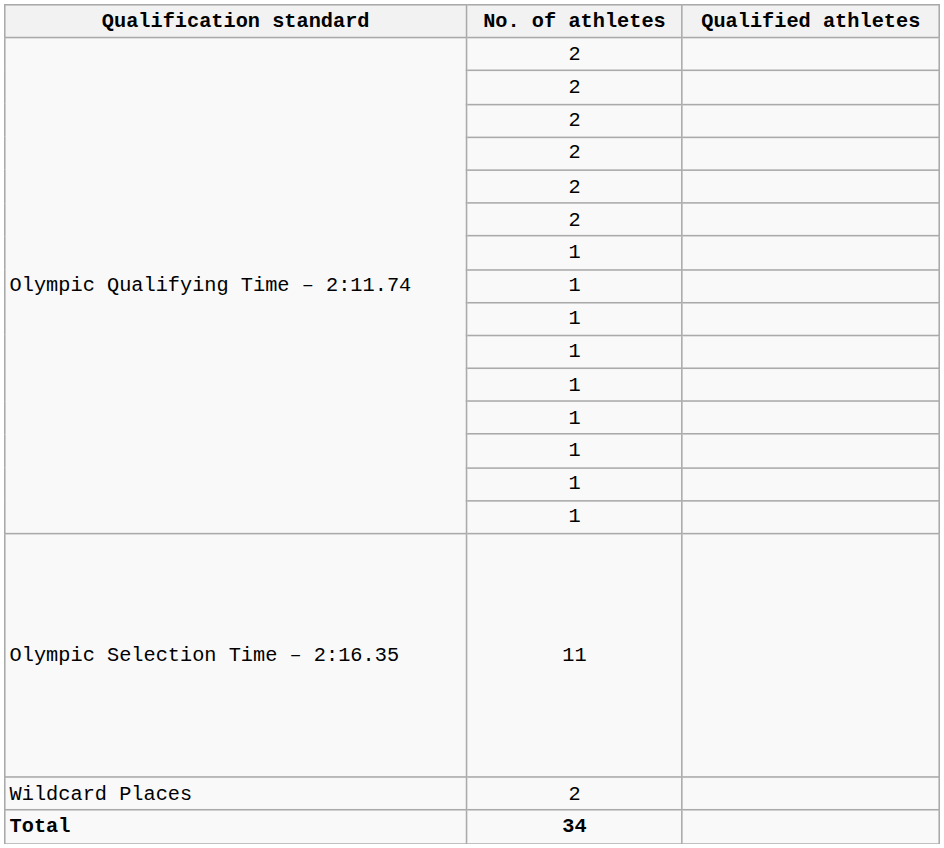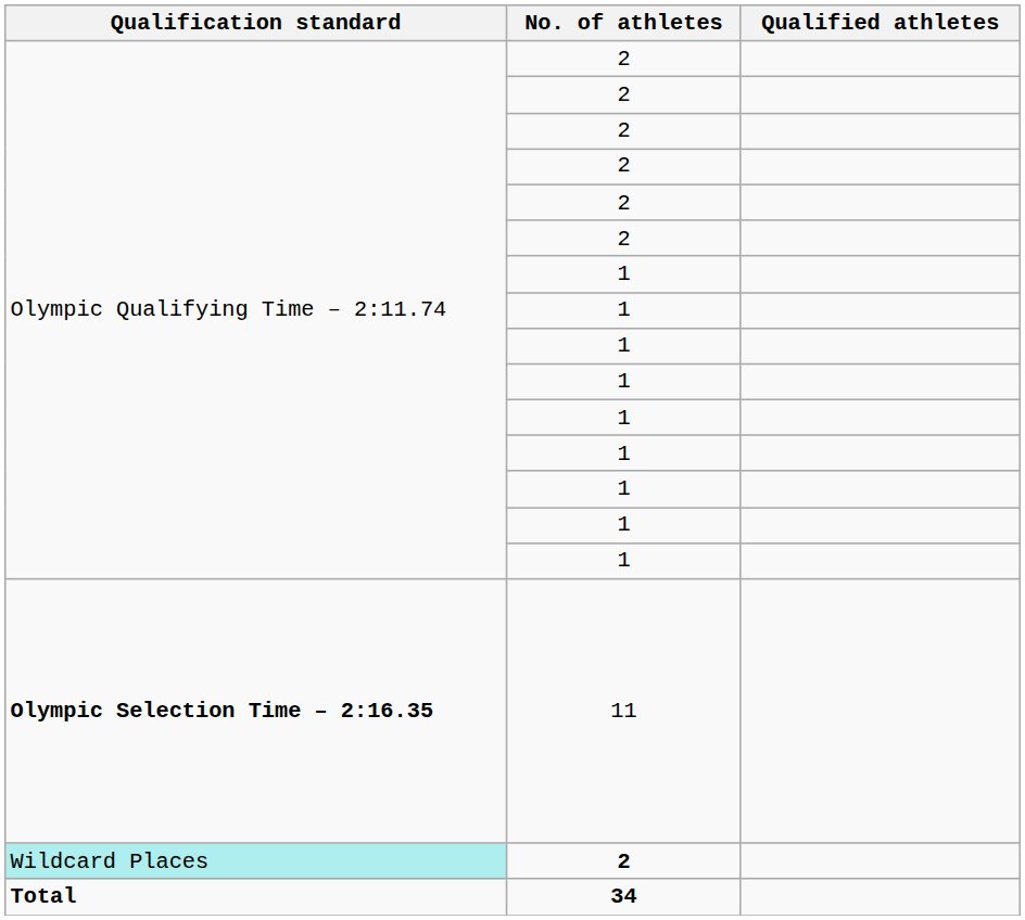 <table class=wikitable style="text-align:left" width=600>
 <tr>
 <th>Qualification standard</th>
 <th>No. of athletes</th>
 <th>Qualified athletes</th>
 </tr>
 <tr>
 <td rowspan="15">Olympic Qualifying Time – 2:11.74</td>
 <td align=center>2</td>
 <td><br></td>
 </tr>
 <tr>
 <td align=center>2</td>
 <td><br></td>
 </tr>
 <tr>
 <td align=center>2</td>
 <td><br></td>
 </tr>
 <tr>
 <td align=center>2</td>
 <td><br></td>
 </tr>
 <tr>
 <td align=center>2</td>
 <td><br></td>
 </tr>
 <tr>
 <td align=center>2</td>
 <td><br></td>
 </tr>
 <tr>
 <td align=center>1</td>
 <td></td>
 </tr>
 <tr>
 <td align=center>1</td>
 <td></td>
 </tr>
 <tr>
 <td align=center>1</td>
 <td></td>
 </tr>
 <tr>
 <td align=center>1</td>
 <td></td>
 </tr>
 <tr>
 <td align=center>1</td>
 <td></td>
 </tr>
 <tr>
 <td align=center>1</td>
 <td></td>
 </tr>
 <tr>
 <td align=center>1</td>
 <td></td>
 </tr>
 <tr>
 <td align=center>1</td>
 <td></td>
 </tr>
 <tr>
 <td align=center>1</td>
 <td></td>
 </tr>
 <tr>
-<td rowspan="1">Olympic Selection Time – 2:16.35</td>
+<td rowspan="1"><strong>Olympic Selection Time – 2:16.35</strong></td>
 <td align=center>11</td>
 <td><br> <br>  <br><br>  <br> <br>  <br>  <br>  <br> <br></td>
 </tr>
 <tr>
-<td rowspan="1">Wildcard Places</td>
-<td align=center>2</td>
+<td rowspan="1" style="background: paleturquoise;">Wildcard Places</td>
+<td align=center><strong>2</strong></td>
 <td><br></td>
 </tr>
 <tr>
 <td><strong>Total</strong></td>
 <td align=center><strong>34</strong></td>
 <td></td>
 </tr>
 </table>
